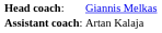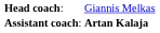 <table>
 <tr>
 <td><strong>Head coach</strong>:</td>
 <td>  <a href='#'>Giannis Melkas</a></td>
 </tr>
 <tr>
 <td><strong>Assistant coach</strong>:</td>
-<td> Artan Kalaja</td>
+<td><strong> Artan Kalaja</strong></td>
 </tr>
 </table>
